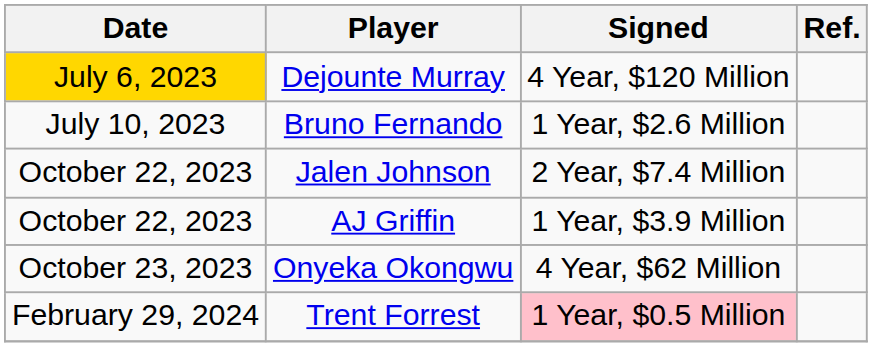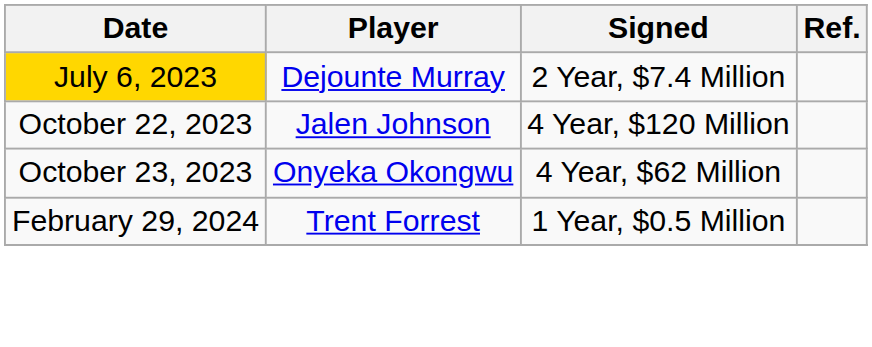 <table class="wikitable sortable sortable" style="text-align: center">
 <tr>
 <th>Date</th>
 <th>Player</th>
 <th>Signed</th>
 <th>Ref.</th>
 </tr>
 <tr>
 <td style="background: gold;">July 6, 2023</td>
 <td><a href='#'>Dejounte Murray</a></td>
-<td>4 Year, $120 Million</td>
-<td></td>
-</tr>
-<tr>
-<td>July 10, 2023</td>
-<td><a href='#'>Bruno Fernando</a></td>
-<td>1 Year, $2.6 Million</td>
+<td>2 Year, $7.4 Million</td>
 <td></td>
 </tr>
 <tr>
 <td>October 22, 2023</td>
 <td><a href='#'>Jalen Johnson</a></td>
-<td>2 Year, $7.4 Million</td>
-<td></td>
-</tr>
-<tr>
-<td>October 22, 2023</td>
-<td><a href='#'>AJ Griffin</a></td>
-<td>1 Year, $3.9 Million</td>
+<td>4 Year, $120 Million</td>
 <td></td>
 </tr>
 <tr>
 <td>October 23, 2023</td>
 <td><a href='#'>Onyeka Okongwu</a></td>
 <td>4 Year, $62 Million</td>
 <td></td>
 </tr>
 <tr>
 <td>February 29, 2024</td>
 <td><a href='#'>Trent Forrest</a></td>
-<td style="background: pink;">1 Year, $0.5 Million</td>
+<td>1 Year, $0.5 Million</td>
 <td></td>
 </tr>
 <tr>
 </tr>
 </table>
